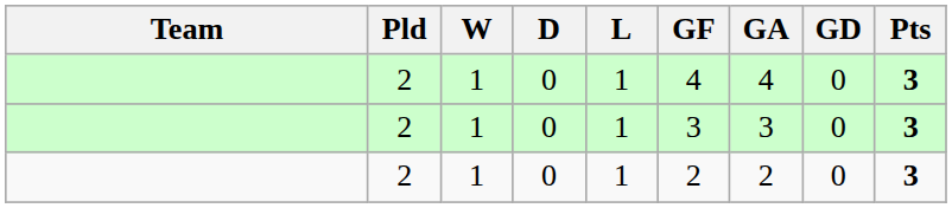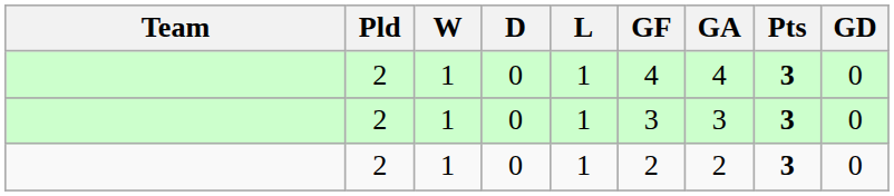 <table class="wikitable" style="text-align: center;">
 <tr>
 <th width="180">Team</th>
 <th width="30">Pld</th>
 <th width="30">W</th>
 <th width="30">D</th>
 <th width="30">L</th>
 <th width="30">GF</th>
 <th width="30">GA</th>
+<th width="30">Pts</th>
 <th width="30">GD</th>
-<th width="30">Pts</th>
 </tr>
 <tr bgcolor="#ccffcc">
 <td align=left></td>
 <td>2</td>
 <td>1</td>
 <td>0</td>
 <td>1</td>
 <td>4</td>
 <td>4</td>
+<td><strong>3</strong></td>
 <td>0</td>
-<td><strong>3</strong></td>
 </tr>
 <tr bgcolor="#ccffcc">
 <td align=left></td>
 <td>2</td>
 <td>1</td>
 <td>0</td>
 <td>1</td>
 <td>3</td>
 <td>3</td>
+<td><strong>3</strong></td>
 <td>0</td>
-<td><strong>3</strong></td>
 </tr>
 <tr>
 <td align=left></td>
 <td>2</td>
 <td>1</td>
 <td>0</td>
 <td>1</td>
 <td>2</td>
 <td>2</td>
+<td><strong>3</strong></td>
 <td>0</td>
-<td><strong>3</strong></td>
 </tr>
 </table>
